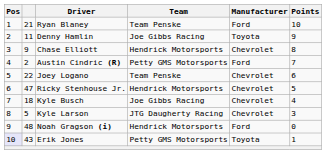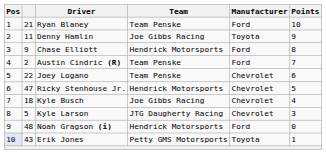 <table class="wikitable" style="font-size:98%">
 <tr>
 <th>Pos</th>
 <th></th>
 <th>Driver</th>
 <th>Team</th>
 <th>Manufacturer</th>
 <th>Points</th>
 </tr>
 <tr>
 <td>1</td>
 <td>21</td>
 <td>Ryan Blaney</td>
 <td>Team Penske</td>
 <td>Ford</td>
 <td>10</td>
 </tr>
 <tr>
 <td>2</td>
 <td>11</td>
 <td>Denny Hamlin</td>
 <td>Joe Gibbs Racing</td>
 <td>Toyota</td>
 <td>9</td>
 </tr>
 <tr>
 <td>3</td>
 <td>9</td>
 <td>Chase Elliott</td>
 <td>Hendrick Motorsports</td>
-<td>Chevrolet</td>
+<td>Ford</td>
 <td>8</td>
 </tr>
 <tr>
 <td>4</td>
 <td>2</td>
 <td>Austin Cindric <strong>(R)</strong></td>
-<td>Petty GMS Motorsports</td>
+<td>Team Penske</td>
 <td>Ford</td>
 <td>7</td>
 </tr>
 <tr>
 <td>5</td>
 <td>22</td>
 <td>Joey Logano</td>
 <td>Team Penske</td>
 <td>Chevrolet</td>
 <td>6</td>
 </tr>
 <tr>
 <td>6</td>
 <td>47</td>
 <td>Ricky Stenhouse Jr.</td>
 <td>Hendrick Motorsports</td>
 <td>Chevrolet</td>
 <td>5</td>
 </tr>
 <tr>
 <td>7</td>
 <td>18</td>
 <td>Kyle Busch</td>
 <td>Joe Gibbs Racing</td>
 <td>Chevrolet</td>
 <td>4</td>
 </tr>
 <tr>
 <td>8</td>
 <td>5</td>
 <td>Kyle Larson</td>
 <td>JTG Daugherty Racing</td>
 <td>Chevrolet</td>
 <td>3</td>
 </tr>
 <tr>
 <td>9</td>
 <td>48</td>
 <td>Noah Gragson <strong>(i)</strong></td>
 <td>Hendrick Motorsports</td>
 <td>Ford</td>
 <td>0</td>
 </tr>
 <tr>
 <td style="background: lavender;">10</td>
 <td>43</td>
 <td>Erik Jones</td>
 <td>Petty GMS Motorsports</td>
 <td>Toyota</td>
 <td>1</td>
 </tr>
 <tr>
 <th colspan="6"></th>
 </tr>
 </table>
